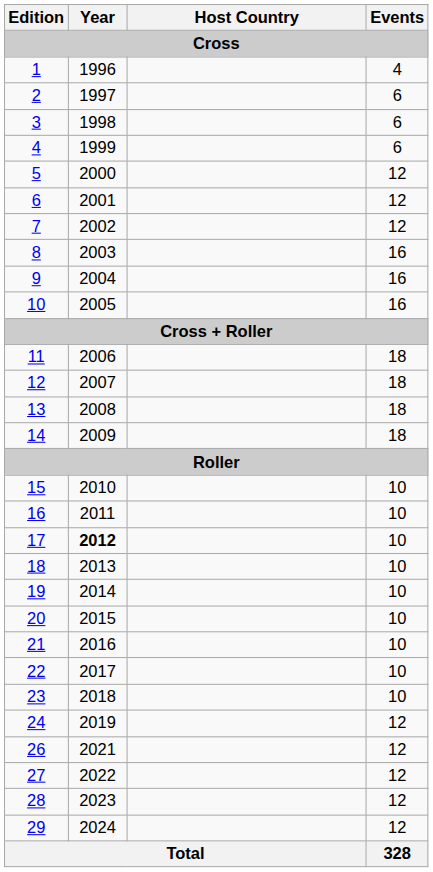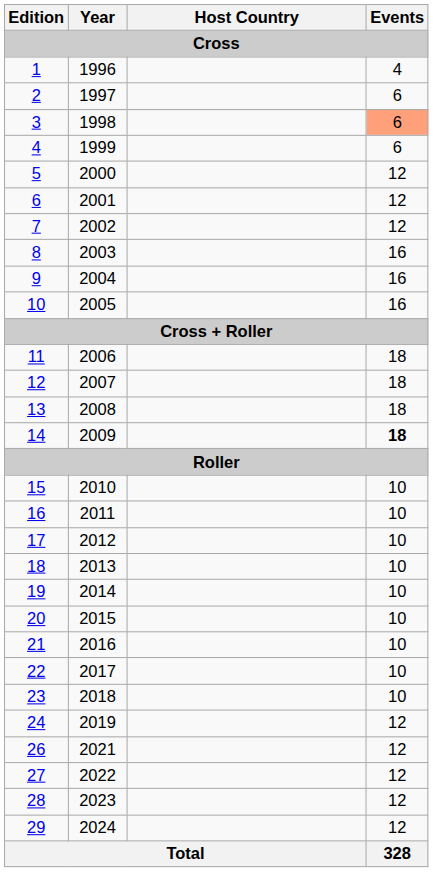 <table class="wikitable sortable" style="font-size95%">
 <tr>
 <th width=50>Edition</th>
 <th width=50>Year</th>
 <th width=225>Host Country</th>
 <th width=50>Events</th>
 </tr>
 <tr>
 <td colspan=4 bgcolor="#cccccc"align=center><strong>Cross</strong></td>
 </tr>
 <tr>
 <td align=center><a href='#'>1</a></td>
 <td align=center>1996</td>
 <td align=left></td>
 <td align=center>4</td>
 </tr>
 <tr>
 <td align=center><a href='#'>2</a></td>
 <td align=center>1997</td>
 <td align=left></td>
 <td align=center>6</td>
 </tr>
 <tr>
 <td align=center><a href='#'>3</a></td>
 <td align=center>1998</td>
 <td align=left></td>
-<td align=center>6</td>
+<td align=center style="background: lightsalmon;">6</td>
 </tr>
 <tr>
 <td align=center><a href='#'>4</a></td>
 <td align=center>1999</td>
 <td align=left></td>
 <td align=center>6</td>
 </tr>
 <tr>
 <td align=center><a href='#'>5</a></td>
 <td align=center>2000</td>
 <td align=left></td>
 <td align=center>12</td>
 </tr>
 <tr>
 <td align=center><a href='#'>6</a></td>
 <td align=center>2001</td>
 <td align=left></td>
 <td align=center>12</td>
 </tr>
 <tr>
 <td align=center><a href='#'>7</a></td>
 <td align=center>2002</td>
 <td align=left></td>
 <td align=center>12</td>
 </tr>
 <tr>
 <td align=center><a href='#'>8</a></td>
 <td align=center>2003</td>
 <td align=left></td>
 <td align=center>16</td>
 </tr>
 <tr>
 <td align=center><a href='#'>9</a></td>
 <td align=center>2004</td>
 <td align=left></td>
 <td align=center>16</td>
 </tr>
 <tr>
 <td align=center><a href='#'>10</a></td>
 <td align=center>2005</td>
 <td align=left></td>
 <td align=center>16</td>
 </tr>
 <tr>
 <td colspan=4 bgcolor="#cccccc"align=center><strong>Cross + Roller</strong></td>
 </tr>
 <tr>
 <td align=center><a href='#'>11</a></td>
 <td align=center>2006</td>
 <td align=left></td>
 <td align=center>18</td>
 </tr>
 <tr>
 <td align=center><a href='#'>12</a></td>
 <td align=center>2007</td>
 <td align=left></td>
 <td align=center>18</td>
 </tr>
 <tr>
 <td align=center><a href='#'>13</a></td>
 <td align=center>2008</td>
 <td align=left></td>
 <td align=center>18</td>
 </tr>
 <tr>
 <td align=center><a href='#'>14</a></td>
 <td align=center>2009</td>
 <td align=left></td>
-<td align=center>18</td>
+<td align=center><strong>18</strong></td>
 </tr>
 <tr>
 <td colspan=4 bgcolor="#cccccc"align=center><strong>Roller</strong></td>
 </tr>
 <tr>
 <td align=center><a href='#'>15</a></td>
 <td align=center>2010</td>
 <td align=left></td>
 <td align=center>10</td>
 </tr>
 <tr>
 <td align=center><a href='#'>16</a></td>
 <td align=center>2011</td>
 <td align=left></td>
 <td align=center>10</td>
 </tr>
 <tr>
 <td align=center><a href='#'>17</a></td>
-<td align=center><strong>2012</strong></td>
+<td align=center>2012</td>
 <td align=left></td>
 <td align=center>10</td>
 </tr>
 <tr>
 <td align=center><a href='#'>18</a></td>
 <td align=center>2013</td>
 <td align=left></td>
 <td align=center>10</td>
 </tr>
 <tr>
 <td align=center><a href='#'>19</a></td>
 <td align=center>2014</td>
 <td align=left></td>
 <td align=center>10</td>
 </tr>
 <tr>
 <td align=center><a href='#'>20</a></td>
 <td align=center>2015</td>
 <td align=left></td>
 <td align=center>10</td>
 </tr>
 <tr>
 <td align=center><a href='#'>21</a></td>
 <td align=center>2016</td>
 <td align=left></td>
 <td align=center>10</td>
 </tr>
 <tr>
 <td align=center><a href='#'>22</a></td>
 <td align=center>2017</td>
 <td align=left></td>
 <td align=center>10</td>
 </tr>
 <tr>
 <td align=center><a href='#'>23</a></td>
 <td align=center>2018</td>
 <td align=left></td>
 <td align=center>10</td>
 </tr>
 <tr>
 <td align=center><a href='#'>24</a></td>
 <td align=center>2019</td>
 <td align=left></td>
 <td align=center>12</td>
 </tr>
 <tr>
 <td align=center><a href='#'>26</a></td>
 <td align=center>2021</td>
 <td align=left></td>
 <td align=center>12</td>
 </tr>
 <tr>
 <td align=center><a href='#'>27</a></td>
 <td align=center>2022</td>
 <td align=left></td>
 <td align=center>12</td>
 </tr>
 <tr>
 <td align=center><a href='#'>28</a></td>
 <td align=center>2023</td>
 <td align=left></td>
 <td align=center>12</td>
 </tr>
 <tr>
 <td align=center><a href='#'>29</a></td>
 <td align=center>2024</td>
 <td align=left></td>
 <td align=center>12</td>
 </tr>
 <tr>
 <th colspan=3>Total</th>
 <th>328</th>
 </tr>
 </table>
